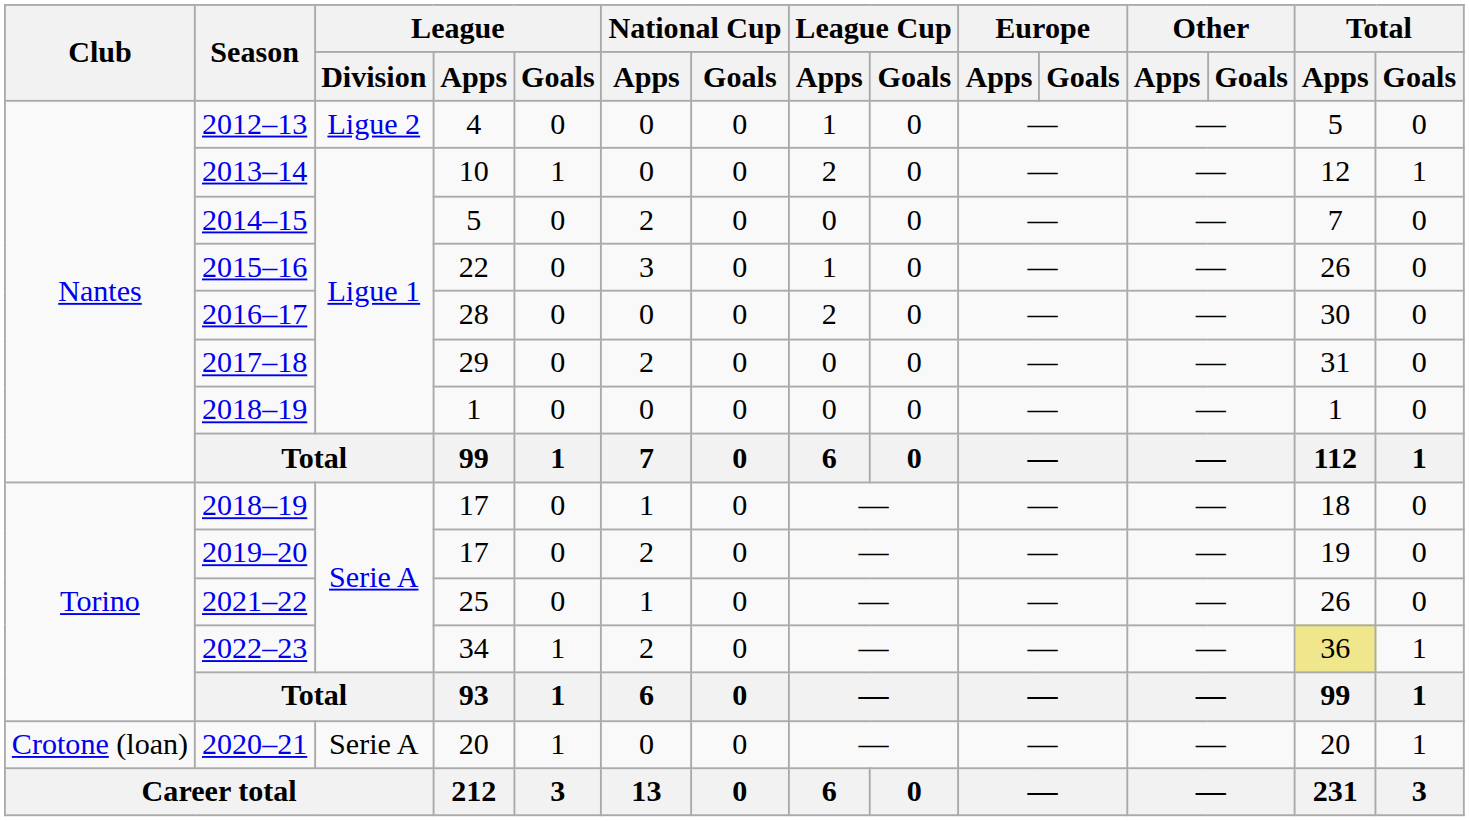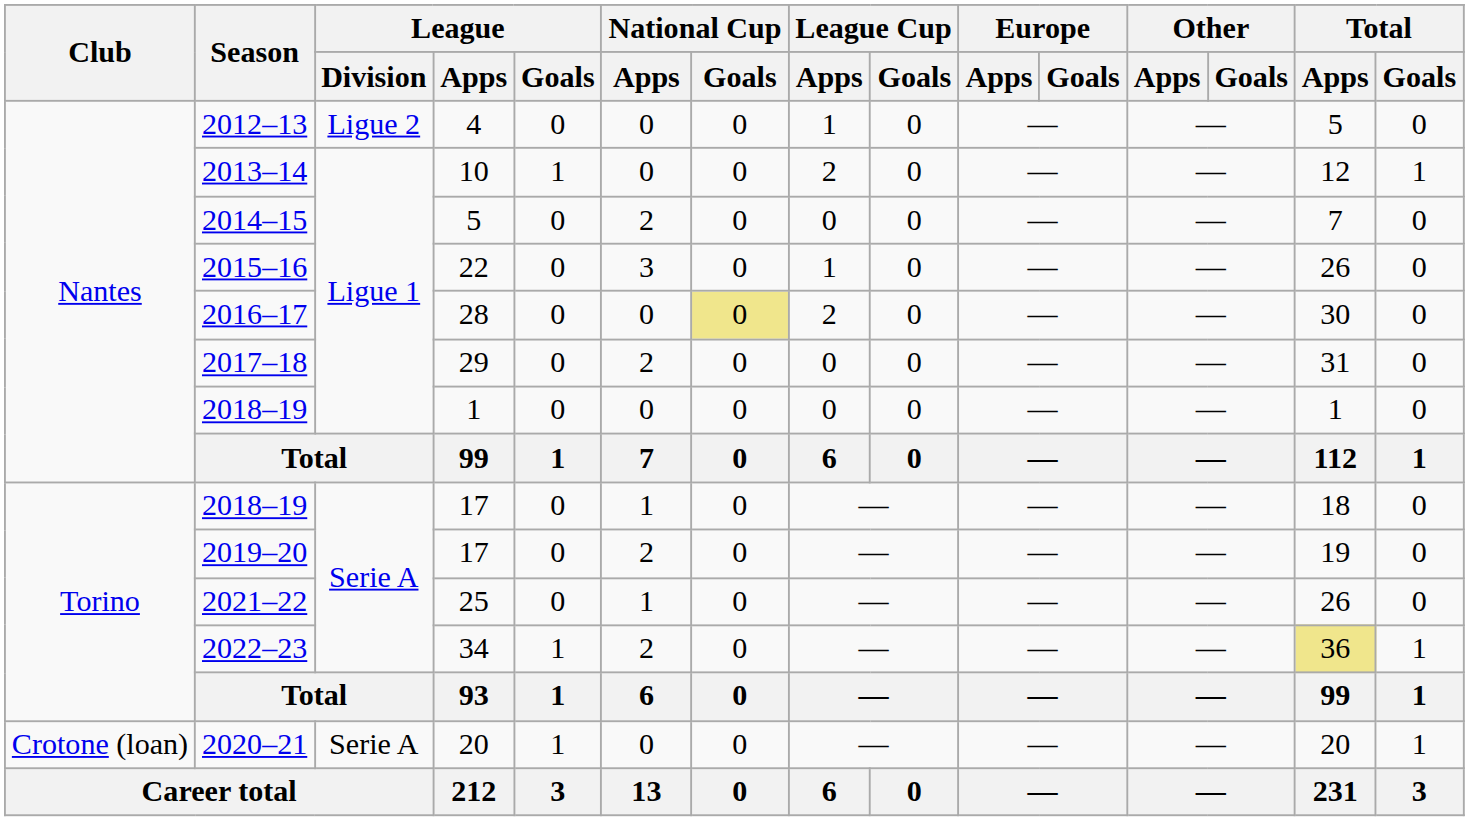 <table class="wikitable" style="text-align:center">
 <tr>
 <th rowspan="2">Club</th>
 <th rowspan="2">Season</th>
 <th colspan="3">League</th>
 <th colspan="2">National Cup</th>
 <th colspan="2">League Cup</th>
 <th colspan="2">Europe</th>
 <th colspan="2">Other</th>
 <th colspan="2">Total</th>
 </tr>
 <tr>
 <th>Division</th>
 <th>Apps</th>
 <th>Goals</th>
 <th>Apps</th>
 <th>Goals</th>
 <th>Apps</th>
 <th>Goals</th>
 <th>Apps</th>
 <th>Goals</th>
 <th>Apps</th>
 <th>Goals</th>
 <th>Apps</th>
 <th>Goals</th>
 </tr>
 <tr>
 <td rowspan="8"><a href='#'>Nantes</a></td>
 <td><a href='#'>2012–13</a></td>
 <td><a href='#'>Ligue 2</a></td>
 <td>4</td>
 <td>0</td>
 <td>0</td>
 <td>0</td>
 <td>1</td>
 <td>0</td>
 <td colspan="2">—</td>
 <td colspan="2">—</td>
 <td>5</td>
 <td>0</td>
 </tr>
 <tr>
 <td><a href='#'>2013–14</a></td>
 <td rowspan="6"><a href='#'>Ligue 1</a></td>
 <td>10</td>
 <td>1</td>
 <td>0</td>
 <td>0</td>
 <td>2</td>
 <td>0</td>
 <td colspan="2">—</td>
 <td colspan="2">—</td>
 <td>12</td>
 <td>1</td>
 </tr>
 <tr>
 <td><a href='#'>2014–15</a></td>
 <td>5</td>
 <td>0</td>
 <td>2</td>
 <td>0</td>
 <td>0</td>
 <td>0</td>
 <td colspan="2">—</td>
 <td colspan="2">—</td>
 <td>7</td>
 <td>0</td>
 </tr>
 <tr>
 <td><a href='#'>2015–16</a></td>
 <td>22</td>
 <td>0</td>
 <td>3</td>
 <td>0</td>
 <td>1</td>
 <td>0</td>
 <td colspan="2">—</td>
 <td colspan="2">—</td>
 <td>26</td>
 <td>0</td>
 </tr>
 <tr>
 <td><a href='#'>2016–17</a></td>
 <td>28</td>
 <td>0</td>
 <td>0</td>
-<td>0</td>
+<td style="background: khaki;">0</td>
 <td>2</td>
 <td>0</td>
 <td colspan="2">—</td>
 <td colspan="2">—</td>
 <td>30</td>
 <td>0</td>
 </tr>
 <tr>
 <td><a href='#'>2017–18</a></td>
 <td>29</td>
 <td>0</td>
 <td>2</td>
 <td>0</td>
 <td>0</td>
 <td>0</td>
 <td colspan="2">—</td>
 <td colspan="2">—</td>
 <td>31</td>
 <td>0</td>
 </tr>
 <tr>
 <td><a href='#'>2018–19</a></td>
 <td>1</td>
 <td>0</td>
 <td>0</td>
 <td>0</td>
 <td>0</td>
 <td>0</td>
 <td colspan="2">—</td>
 <td colspan="2">—</td>
 <td>1</td>
 <td>0</td>
 </tr>
 <tr>
 <th colspan="2">Total</th>
 <th>99</th>
 <th>1</th>
 <th>7</th>
 <th>0</th>
 <th>6</th>
 <th>0</th>
 <th colspan="2">—</th>
 <th colspan="2">—</th>
 <th>112</th>
 <th>1</th>
 </tr>
 <tr>
 <td rowspan="5"><a href='#'>Torino</a></td>
 <td><a href='#'>2018–19</a></td>
 <td rowspan="4"><a href='#'>Serie A</a></td>
 <td>17</td>
 <td>0</td>
 <td>1</td>
 <td>0</td>
 <td colspan="2">—</td>
 <td colspan="2">—</td>
 <td colspan="2">—</td>
 <td>18</td>
 <td>0</td>
 </tr>
 <tr>
 <td><a href='#'>2019–20</a></td>
 <td>17</td>
 <td>0</td>
 <td>2</td>
 <td>0</td>
 <td colspan="2">—</td>
 <td colspan="2">—</td>
 <td colspan="2">—</td>
 <td>19</td>
 <td>0</td>
 </tr>
 <tr>
 <td><a href='#'>2021–22</a></td>
 <td>25</td>
 <td>0</td>
 <td>1</td>
 <td>0</td>
 <td colspan="2">—</td>
 <td colspan="2">—</td>
 <td colspan="2">—</td>
 <td>26</td>
 <td>0</td>
 </tr>
 <tr>
 <td><a href='#'>2022–23</a></td>
 <td>34</td>
 <td>1</td>
 <td>2</td>
 <td>0</td>
 <td colspan="2">—</td>
 <td colspan="2">—</td>
 <td colspan="2">—</td>
 <td style="background: khaki;">36</td>
 <td>1</td>
 </tr>
 <tr>
 <th colspan="2">Total</th>
 <th>93</th>
 <th>1</th>
 <th>6</th>
 <th>0</th>
 <th colspan="2">—</th>
 <th colspan="2">—</th>
 <th colspan="2">—</th>
 <th>99</th>
 <th>1</th>
 </tr>
 <tr>
 <td><a href='#'>Crotone</a> (loan)</td>
 <td><a href='#'>2020–21</a></td>
 <td>Serie A</td>
 <td>20</td>
 <td>1</td>
 <td>0</td>
 <td>0</td>
 <td colspan="2">—</td>
 <td colspan="2">—</td>
 <td colspan="2">—</td>
 <td>20</td>
 <td>1</td>
 </tr>
 <tr>
 <th colspan="3">Career total</th>
 <th>212</th>
 <th>3</th>
 <th>13</th>
 <th>0</th>
 <th>6</th>
 <th>0</th>
 <th colspan="2">—</th>
 <th colspan="2">—</th>
 <th>231</th>
 <th>3</th>
 </tr>
 </table>
